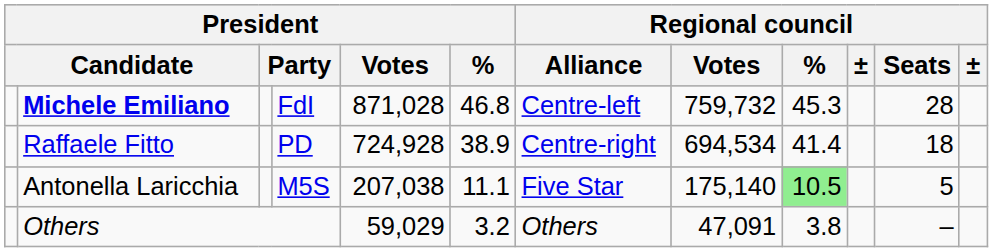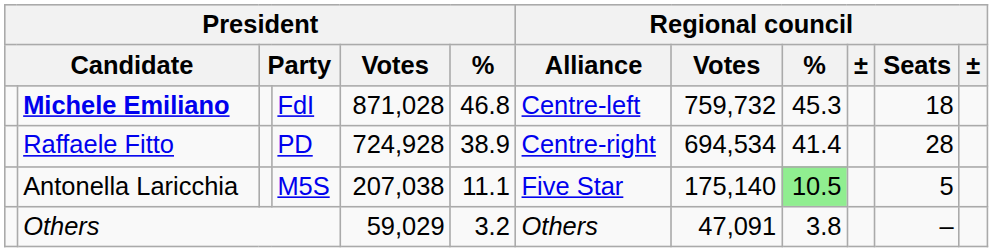 <table class="wikitable" style="text-align:right; style="width=70%">
 <tr>
 <th colspan="6">President</th>
 <th colspan="6">Regional council</th>
 </tr>
 <tr>
 <th colspan="2">Candidate</th>
 <th colspan="2">Party</th>
 <th>Votes</th>
 <th>%</th>
 <th>Alliance</th>
 <th>Votes</th>
 <th>%</th>
 <th>±</th>
 <th>Seats</th>
 <th>±</th>
 </tr>
 <tr>
 <td></td>
 <td style="text-align:left"><strong><a href='#'>Michele Emiliano</a></strong></td>
 <td></td>
 <td style="text-align:left"><a href='#'>FdI</a></td>
 <td>871,028</td>
 <td>46.8</td>
 <td style="text-align:left"><a href='#'>Centre-left</a></td>
 <td>759,732</td>
 <td>45.3</td>
 <td></td>
-<td>28</td>
+<td>18</td>
 <td></td>
 </tr>
 <tr>
 <td></td>
 <td style="text-align:left"><a href='#'>Raffaele Fitto</a></td>
 <td></td>
 <td style="text-align:left"><a href='#'>PD</a></td>
 <td>724,928</td>
 <td>38.9</td>
 <td style="text-align:left"><a href='#'>Centre-right</a></td>
 <td>694,534</td>
 <td>41.4</td>
 <td></td>
-<td>18</td>
+<td>28</td>
 <td></td>
 </tr>
 <tr>
 <td></td>
 <td style="text-align:left">Antonella Laricchia</td>
 <td></td>
 <td style="text-align:left"><a href='#'>M5S</a></td>
 <td>207,038</td>
 <td>11.1</td>
 <td style="text-align:left"><a href='#'>Five Star</a></td>
 <td>175,140</td>
 <td style="background: lightgreen;">10.5</td>
 <td></td>
 <td>5</td>
 <td></td>
 </tr>
 <tr>
 <td></td>
 <td colspan="3" style="text-align:left"><em>Others</em></td>
 <td>59,029</td>
 <td>3.2</td>
 <td style="text-align:left"><em>Others</em></td>
 <td>47,091</td>
 <td>3.8</td>
 <td></td>
 <td>–</td>
 <td></td>
 </tr>
 </table>
